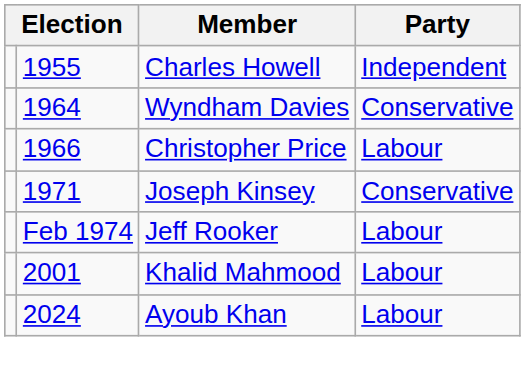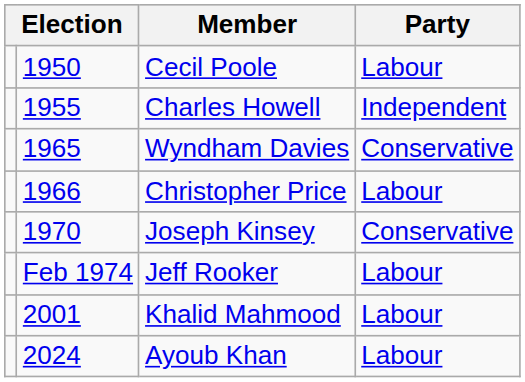 <table class="wikitable">
 <tr>
 <th colspan="2">Election</th>
 <th>Member</th>
 <th>Party</th>
+</tr>
+<tr>
+<td style="color:inherit;background-color: "></td>
+<td><a href='#'>1950</a></td>
+<td><a href='#'>Cecil Poole</a></td>
+<td><a href='#'>Labour</a></td>
 </tr>
 <tr>
 <td style="color:inherit;background-color: "></td>
 <td><a href='#'>1955</a></td>
 <td><a href='#'>Charles Howell</a></td>
 <td><a href='#'>Independent</a></td>
 </tr>
 <tr>
 <td style="color:inherit;background-color: "></td>
-<td><a href='#'>1964</a></td>
+<td><a href='#'>1965</a></td>
 <td><a href='#'>Wyndham Davies</a></td>
 <td><a href='#'>Conservative</a></td>
 </tr>
 <tr>
 <td style="color:inherit;background-color: "></td>
 <td><a href='#'>1966</a></td>
 <td><a href='#'>Christopher Price</a></td>
 <td><a href='#'>Labour</a></td>
 </tr>
 <tr>
 <td style="color:inherit;background-color: "></td>
-<td><a href='#'>1971</a></td>
+<td><a href='#'>1970</a></td>
 <td><a href='#'>Joseph Kinsey</a></td>
 <td><a href='#'>Conservative</a></td>
 </tr>
 <tr>
 <td style="color:inherit;background-color: "></td>
 <td><a href='#'>Feb 1974</a></td>
 <td><a href='#'>Jeff Rooker</a></td>
 <td><a href='#'>Labour</a></td>
 </tr>
 <tr>
 <td style="color:inherit;background-color: "></td>
 <td><a href='#'>2001</a></td>
 <td><a href='#'>Khalid Mahmood</a></td>
 <td><a href='#'>Labour</a></td>
 </tr>
 <tr>
 <td style="color:inherit;background-color: "></td>
 <td><a href='#'>2024</a></td>
 <td><a href='#'>Ayoub Khan</a></td>
 <td><a href='#'>Labour</a></td>
 </tr>
 </table>
